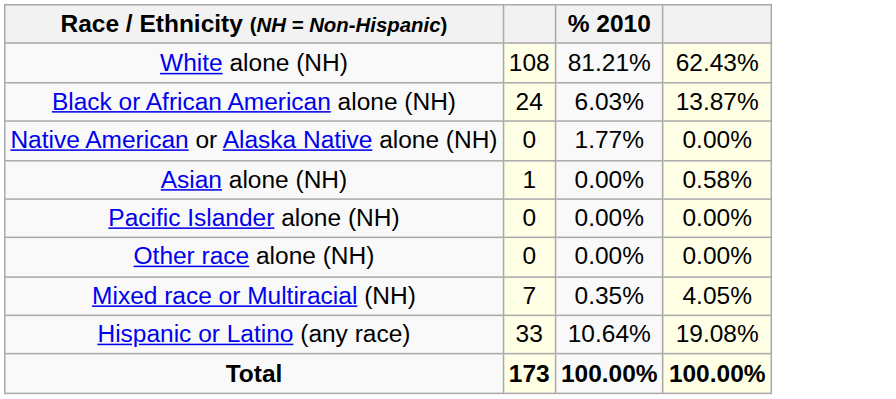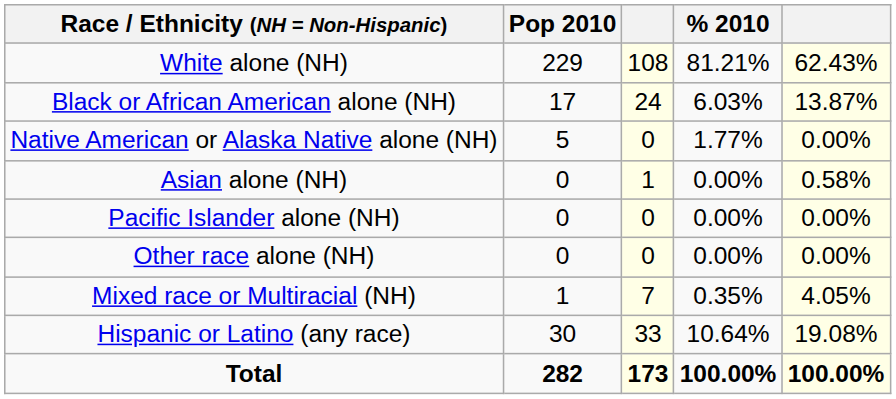 <table class="wikitable" style="text-align:center;">
 <tr>
 <th>Race / Ethnicity <small>(<em>NH = Non-Hispanic</em>)</small></th>
+<th>Pop 2010</th>
 <th></th>
 <th>% 2010</th>
 <th></th>
 </tr>
 <tr>
 <td><a href='#'>White</a> alone (NH)</td>
+<td>229</td>
 <td style='background: #ffffe6;'>108</td>
 <td>81.21%</td>
 <td style='background: #ffffe6;'>62.43%</td>
 </tr>
 <tr>
 <td><a href='#'>Black or African American</a> alone (NH)</td>
+<td>17</td>
 <td style='background: #ffffe6;'>24</td>
 <td>6.03%</td>
 <td style='background: #ffffe6;'>13.87%</td>
 </tr>
 <tr>
 <td><a href='#'>Native American</a> or <a href='#'>Alaska Native</a> alone (NH)</td>
+<td>5</td>
 <td style='background: #ffffe6;'>0</td>
 <td>1.77%</td>
 <td style='background: #ffffe6;'>0.00%</td>
 </tr>
 <tr>
 <td><a href='#'>Asian</a> alone (NH)</td>
+<td>0</td>
 <td style='background: #ffffe6;'>1</td>
 <td>0.00%</td>
 <td style='background: #ffffe6;'>0.58%</td>
 </tr>
 <tr>
 <td><a href='#'>Pacific Islander</a> alone (NH)</td>
+<td>0</td>
 <td style='background: #ffffe6;'>0</td>
 <td>0.00%</td>
 <td style='background: #ffffe6;'>0.00%</td>
 </tr>
 <tr>
 <td><a href='#'>Other race</a> alone (NH)</td>
+<td>0</td>
 <td style='background: #ffffe6;'>0</td>
 <td>0.00%</td>
 <td style='background: #ffffe6;'>0.00%</td>
 </tr>
 <tr>
 <td><a href='#'>Mixed race or Multiracial</a> (NH)</td>
+<td>1</td>
 <td style='background: #ffffe6;'>7</td>
 <td>0.35%</td>
 <td style='background: #ffffe6;'>4.05%</td>
 </tr>
 <tr>
 <td><a href='#'>Hispanic or Latino</a> (any race)</td>
+<td>30</td>
 <td style='background: #ffffe6;'>33</td>
 <td>10.64%</td>
 <td style='background: #ffffe6;'>19.08%</td>
 </tr>
 <tr>
 <td><strong>Total</strong></td>
+<td><strong>282</strong></td>
 <td style='background: #ffffe6;'><strong>173</strong></td>
 <td><strong>100.00%</strong></td>
 <td style='background: #ffffe6;'><strong>100.00%</strong></td>
 </tr>
 </table>
